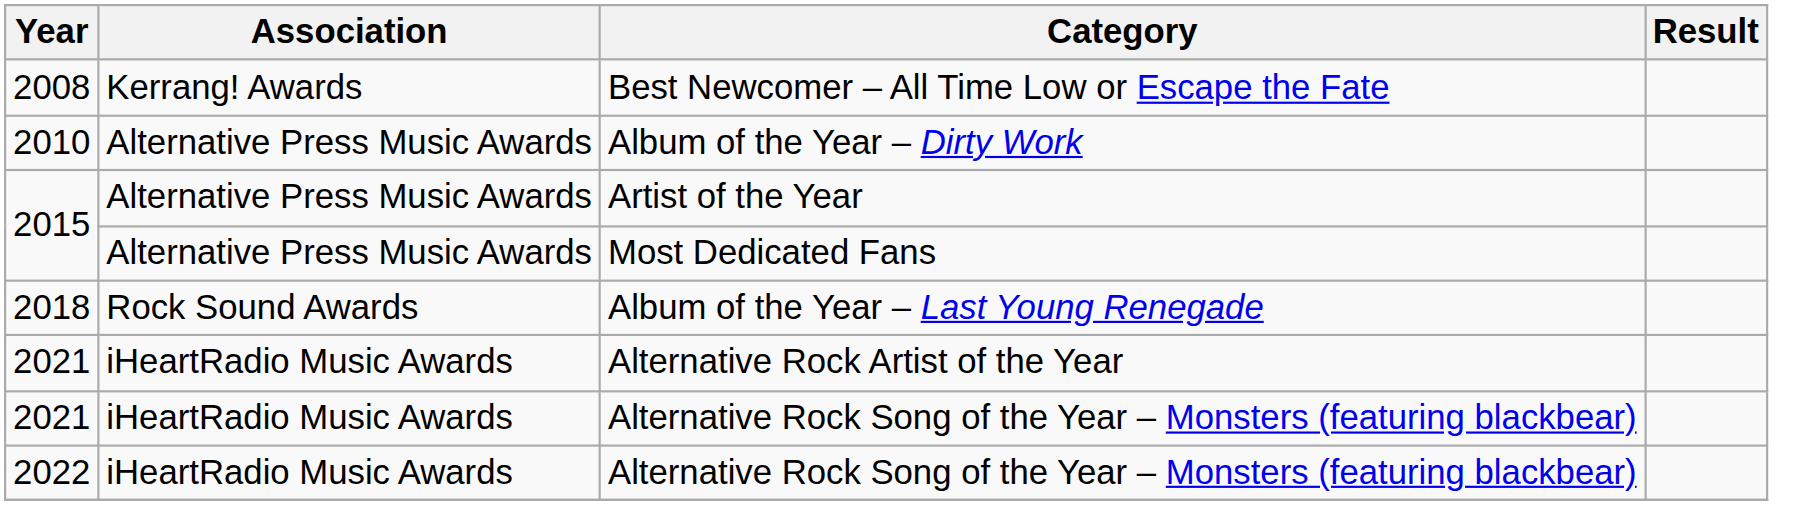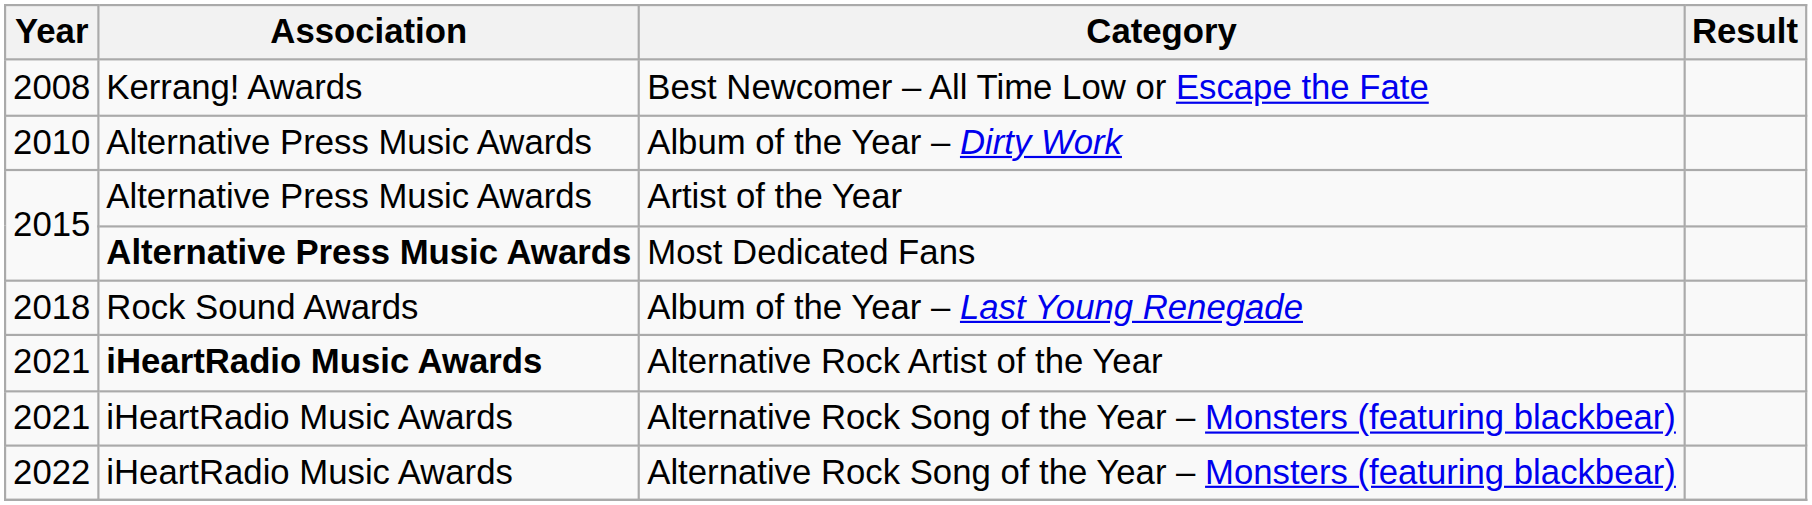 <table class="wikitable">
 <tr>
 <th>Year</th>
 <th>Association</th>
 <th>Category</th>
 <th>Result</th>
 </tr>
 <tr>
 <td>2008</td>
 <td>Kerrang! Awards</td>
 <td>Best Newcomer – All Time Low or <a href='#'>Escape the Fate</a></td>
 <td></td>
 </tr>
 <tr>
 <td>2010</td>
 <td>Alternative Press Music Awards</td>
 <td>Album of the Year – <em><a href='#'>Dirty Work</a></em></td>
 <td></td>
 </tr>
 <tr>
 <td rowspan="2">2015</td>
 <td>Alternative Press Music Awards</td>
 <td>Artist of the Year</td>
 <td></td>
 </tr>
 <tr>
-<td>Alternative Press Music Awards</td>
+<td><strong>Alternative Press Music Awards</strong></td>
 <td>Most Dedicated Fans</td>
 <td></td>
 </tr>
 <tr>
 <td>2018</td>
 <td>Rock Sound Awards</td>
 <td>Album of the Year – <em><a href='#'>Last Young Renegade</a></em></td>
 <td></td>
 </tr>
 <tr>
 <td>2021</td>
-<td>iHeartRadio Music Awards</td>
+<td><strong>iHeartRadio Music Awards</strong></td>
 <td>Alternative Rock Artist of the Year </td>
 <td></td>
 </tr>
 <tr>
 <td>2021</td>
 <td>iHeartRadio Music Awards</td>
 <td>Alternative Rock Song of the Year – <a href='#'>Monsters (featuring blackbear)</a></td>
 <td></td>
 </tr>
 <tr>
 <td>2022</td>
 <td>iHeartRadio Music Awards</td>
 <td>Alternative Rock Song of the Year – <a href='#'>Monsters (featuring blackbear)</a></td>
 <td></td>
 </tr>
 <tr>
 </tr>
 </table>
